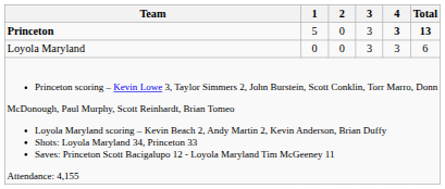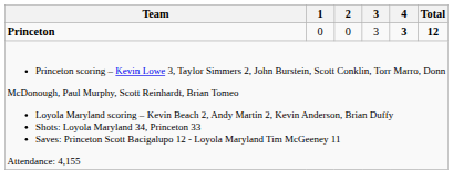 <table class="wikitable" style="text-align:center; max-width:45em">
 <tr>
 <th>Team</th>
 <th style="width:2em">1</th>
 <th style="width:2em">2</th>
 <th style="width:2em">3</th>
 <th style="width:2em">4</th>
 <th style="width:2em">Total</th>
 </tr>
 <tr>
 <td style="text-align:left"><strong>Princeton</strong></td>
-<td>5</td>
+<td>0</td>
 <td>0</td>
 <td>3</td>
 <td><strong>3</strong></td>
-<td><strong>13</strong></td>
-</tr>
-<tr>
-<td style="text-align:left">Loyola Maryland</td>
-<td>0</td>
-<td>0</td>
-<td>3</td>
-<td>3</td>
-<td>6</td>
+<td><strong>12</strong></td>
 </tr>
 <tr>
 <td colspan=6 style="text-align:left; font-size:88%;"><br><ul><li>Princeton scoring – <a href='#'>Kevin Lowe</a> 3, Taylor Simmers 2, John Burstein, Scott Conklin, Torr Marro, Donn</li></ul>McDonough, Paul Murphy, Scott Reinhardt, Brian Tomeo<ul><li>Loyola Maryland scoring – Kevin Beach 2, Andy Martin 2, Kevin Anderson, Brian Duffy</li><li>Shots: Loyola Maryland 34, Princeton 33</li><li>Saves: Princeton Scott Bacigalupo 12 - Loyola Maryland Tim McGeeney 11</li></ul>Attendance: 4,155 </td>
 </tr>
 </table>
